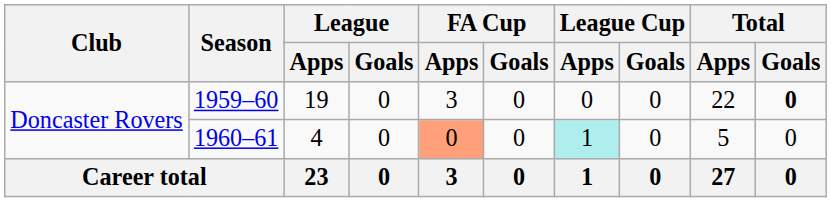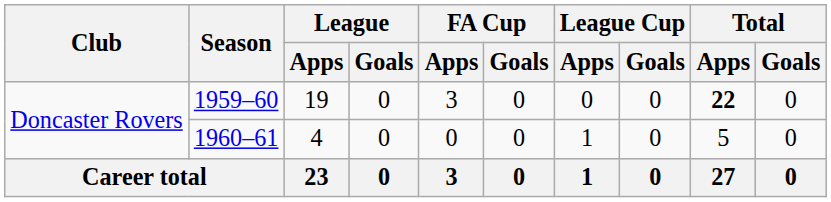 <table class="wikitable" style="text-align: center;">
 <tr>
 <th rowspan="2">Club</th>
 <th rowspan="2">Season</th>
 <th colspan="2">League</th>
 <th colspan="2">FA Cup</th>
 <th colspan="2">League Cup</th>
 <th colspan="2">Total</th>
 </tr>
 <tr>
 <th>Apps</th>
 <th>Goals</th>
 <th>Apps</th>
 <th>Goals</th>
 <th>Apps</th>
 <th>Goals</th>
 <th>Apps</th>
 <th>Goals</th>
 </tr>
 <tr>
 <td rowspan="2"><a href='#'>Doncaster Rovers</a></td>
 <td><a href='#'>1959–60</a></td>
 <td>19</td>
 <td>0</td>
 <td>3</td>
 <td>0</td>
 <td>0</td>
 <td>0</td>
-<td>22</td>
-<td><strong>0</strong></td>
+<td><strong>22</strong></td>
+<td>0</td>
 </tr>
 <tr>
 <td><a href='#'>1960–61</a></td>
 <td>4</td>
 <td>0</td>
-<td style="background: lightsalmon;">0</td>
 <td>0</td>
-<td style="background: paleturquoise;">1</td>
+<td>0</td>
+<td>1</td>
 <td>0</td>
 <td>5</td>
 <td>0</td>
 </tr>
 <tr>
 <th colspan="2">Career total</th>
 <th>23</th>
 <th>0</th>
 <th>3</th>
 <th>0</th>
 <th>1</th>
 <th>0</th>
 <th>27</th>
 <th>0</th>
 </tr>
 </table>
